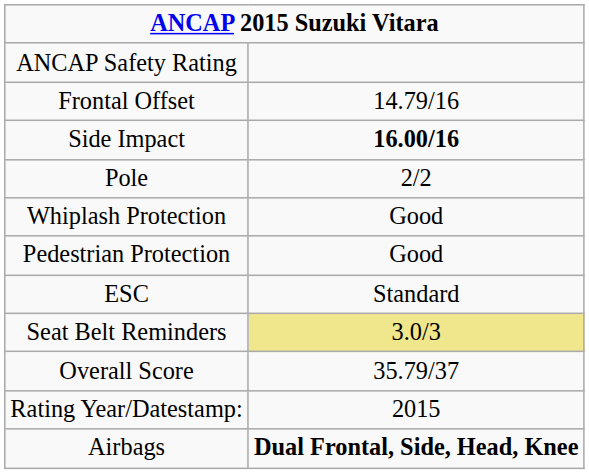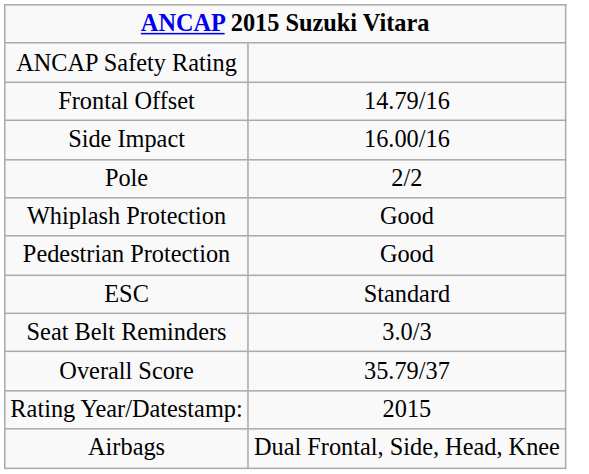 <table class="wikitable" style="text-align:center">
 <tr>
 <td colspan="2"><strong><a href='#'>ANCAP</a> 2015 Suzuki Vitara</strong></td>
 </tr>
 <tr>
 <td>ANCAP Safety Rating</td>
 <td></td>
 </tr>
 <tr>
 <td>Frontal Offset</td>
 <td>14.79/16</td>
 </tr>
 <tr>
 <td>Side Impact</td>
-<td><strong>16.00/16</strong></td>
+<td>16.00/16</td>
 </tr>
 <tr>
 <td>Pole</td>
 <td>2/2</td>
 </tr>
 <tr>
 <td>Whiplash Protection</td>
 <td>Good</td>
 </tr>
 <tr>
 <td>Pedestrian Protection</td>
 <td>Good</td>
 </tr>
 <tr>
 <td>ESC</td>
 <td>Standard</td>
 </tr>
 <tr>
 <td>Seat Belt Reminders</td>
-<td style="background: khaki;">3.0/3</td>
+<td>3.0/3</td>
 </tr>
 <tr>
 <td>Overall Score</td>
 <td>35.79/37</td>
 </tr>
 <tr>
 <td>Rating Year/Datestamp:</td>
 <td>2015</td>
 </tr>
 <tr>
 <td>Airbags</td>
-<td><strong>Dual Frontal, Side, Head, Knee</strong></td>
+<td>Dual Frontal, Side, Head, Knee</td>
 </tr>
 </table>
